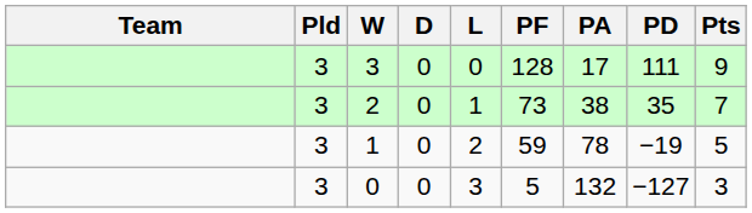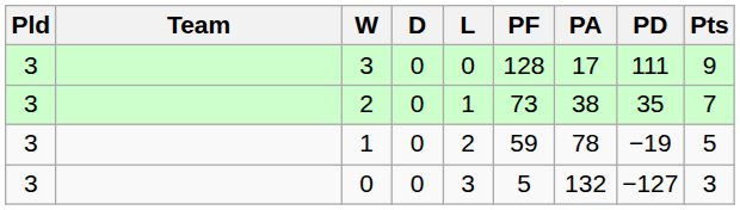 <table class="wikitable" style="text-align:center;">
 <tr>
+<th width=25 abbr="Played">Pld</th>
 <th width=175>Team</th>
-<th width=25 abbr="Played">Pld</th>
 <th width=25 abbr="Won">W</th>
 <th width=25 abbr="Drawn">D</th>
 <th width=25 abbr="Lost">L</th>
 <th width=32 abbr="Points for">PF</th>
 <th width=32 abbr="Points against">PA</th>
 <th width=32 abbr="Points difference">PD</th>
 <th width=25 abbr="Points">Pts</th>
 </tr>
 <tr bgcolor="#ccffcc">
+<td>3</td>
 <td align=left></td>
-<td>3</td>
 <td>3</td>
 <td>0</td>
 <td>0</td>
 <td>128</td>
 <td>17</td>
 <td>111</td>
 <td>9</td>
 </tr>
 <tr bgcolor="#ccffcc">
+<td>3</td>
 <td align=left></td>
-<td>3</td>
 <td>2</td>
 <td>0</td>
 <td>1</td>
 <td>73</td>
 <td>38</td>
 <td>35</td>
 <td>7</td>
 </tr>
 <tr>
+<td>3</td>
 <td align=left></td>
-<td>3</td>
 <td>1</td>
 <td>0</td>
 <td>2</td>
 <td>59</td>
 <td>78</td>
 <td>−19</td>
 <td>5</td>
 </tr>
 <tr>
+<td>3</td>
 <td align=left></td>
-<td>3</td>
 <td>0</td>
 <td>0</td>
 <td>3</td>
 <td>5</td>
 <td>132</td>
 <td>−127</td>
 <td>3</td>
 </tr>
 </table>
